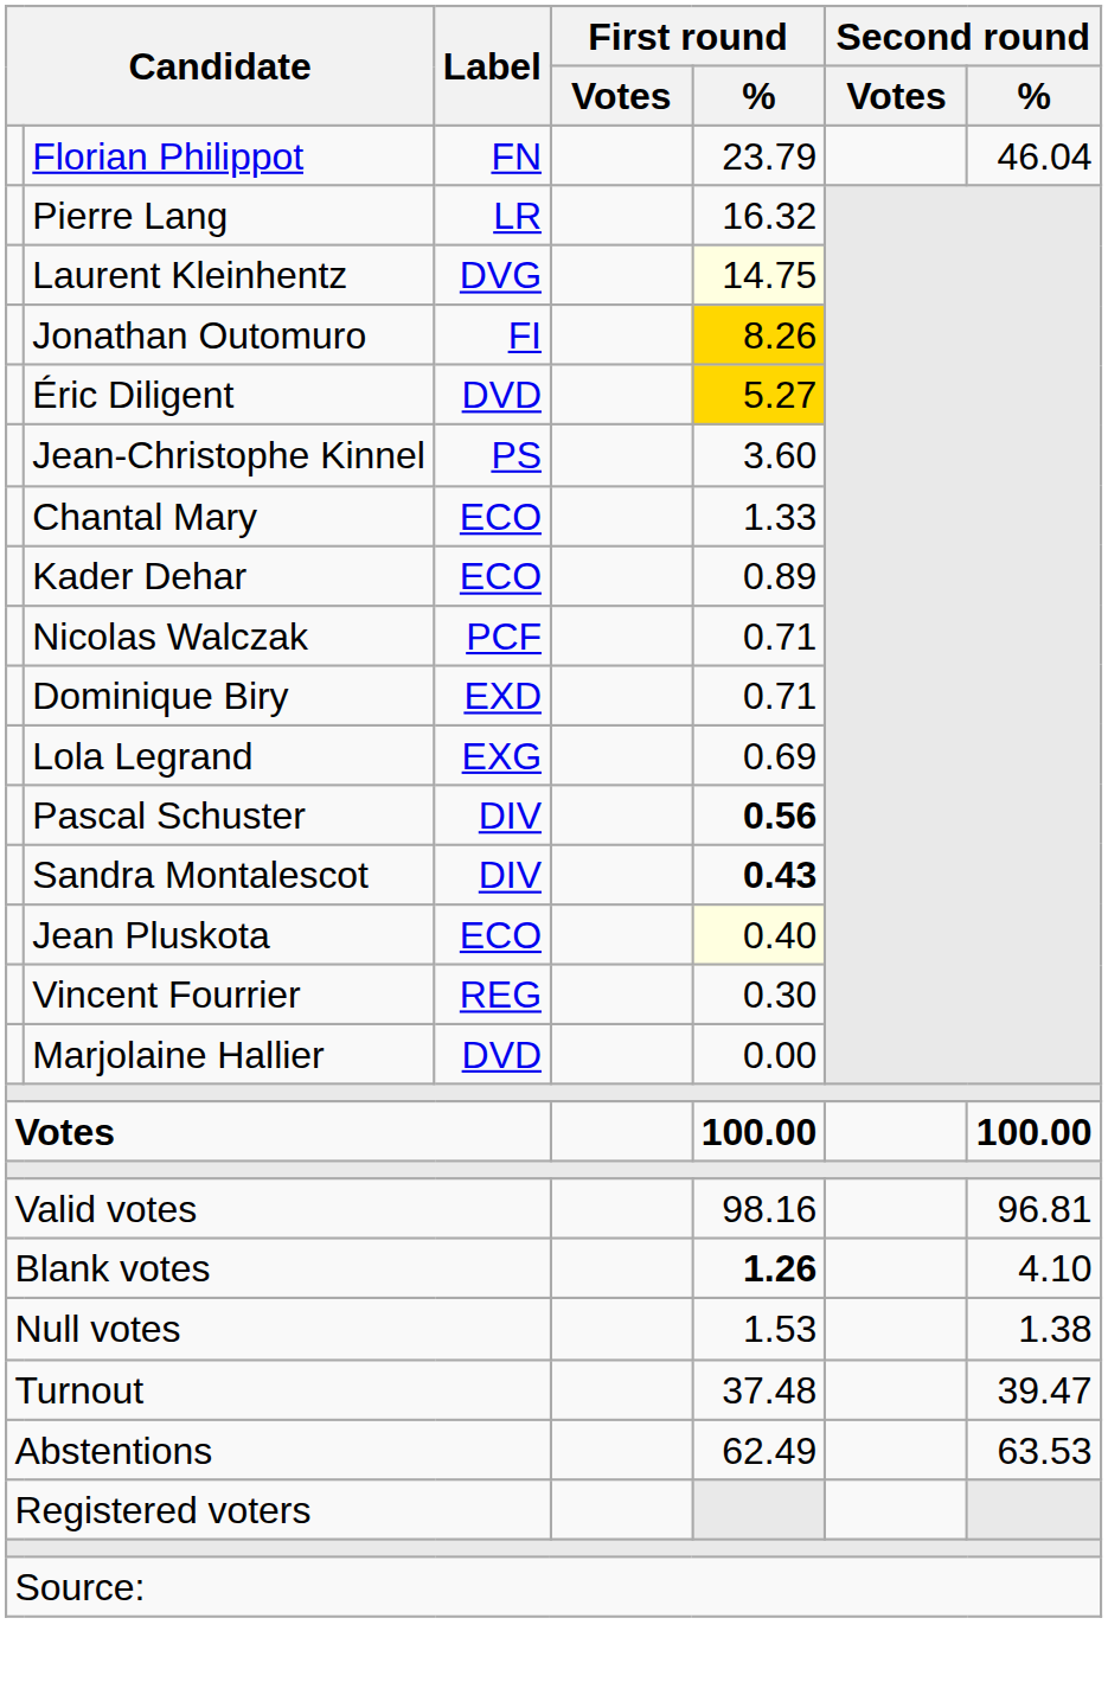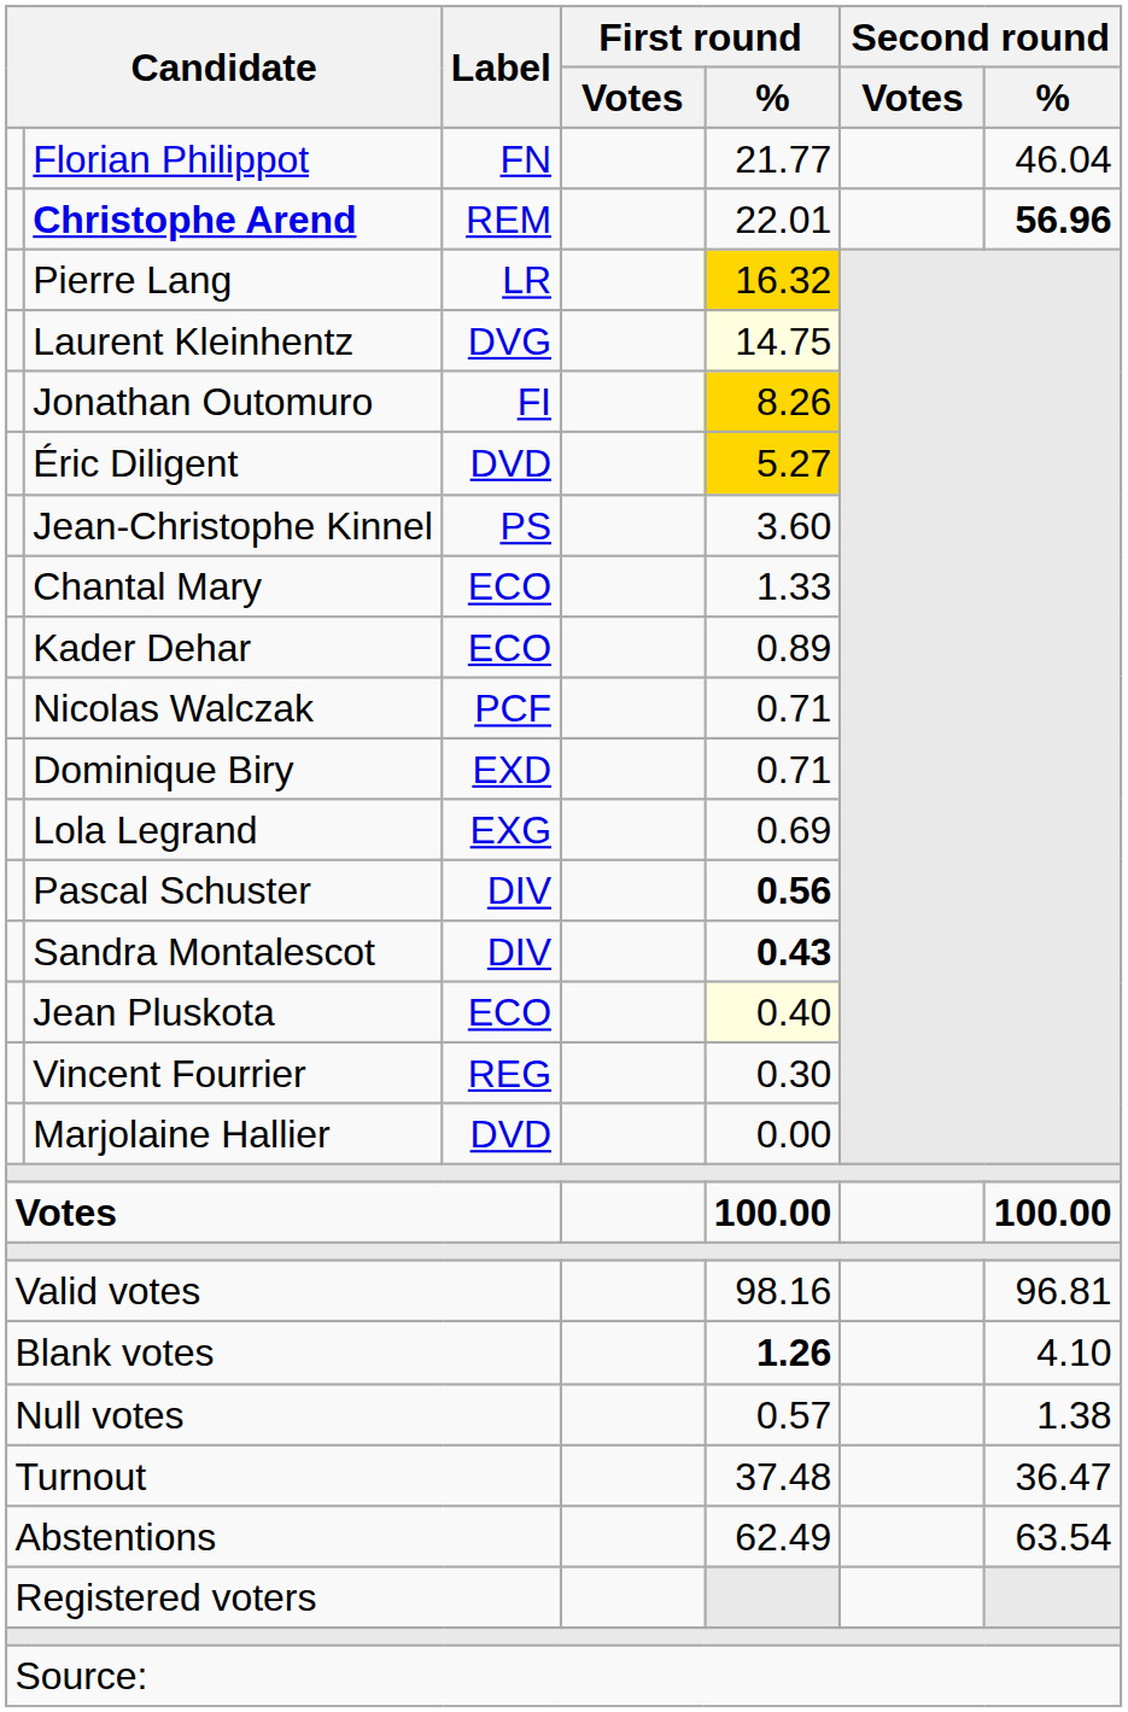 <table class="wikitable" style="text-align:right;font-size:95%;">
 <tr>
 <th rowspan="2" colspan="2">Candidate</th>
 <th rowspan="2">Label</th>
 <th colspan="2">First round</th>
 <th colspan="2">Second round</th>
 </tr>
 <tr>
 <th style="width:50px;">Votes</th>
 <th style="width:45px;">%</th>
 <th style="width:50px;">Votes</th>
 <th style="width:45px;">%</th>
 </tr>
 <tr>
 <td style="color:inherit;background:"></td>
 <td style="text-align:left;"><a href='#'>Florian Philippot</a></td>
 <td><a href='#'>FN</a></td>
 <td></td>
-<td>23.79</td>
+<td>21.77</td>
 <td></td>
 <td>46.04</td>
+</tr>
+<tr>
+<td style="color:inherit;background:"></td>
+<td style="text-align:left;"><strong><a href='#'>Christophe Arend</a></strong></td>
+<td><a href='#'>REM</a></td>
+<td></td>
+<td>22.01</td>
+<td><strong></strong></td>
+<td><strong>56.96</strong></td>
 </tr>
 <tr>
 <td style="color:inherit;background:"></td>
 <td style="text-align:left;">Pierre Lang</td>
 <td><a href='#'>LR</a></td>
 <td></td>
-<td>16.32</td>
+<td style="background: gold;">16.32</td>
 <td colspan="2" rowspan="15" style="background:#E9E9E9;"></td>
 </tr>
 <tr>
 <td style="color:inherit;background:"></td>
 <td style="text-align:left;">Laurent Kleinhentz</td>
 <td><a href='#'>DVG</a></td>
 <td></td>
 <td style="background: lightyellow;">14.75</td>
 </tr>
 <tr>
 <td style="color:inherit;background:"></td>
 <td style="text-align:left;">Jonathan Outomuro</td>
 <td><a href='#'>FI</a></td>
 <td></td>
 <td style="background: gold;">8.26</td>
 </tr>
 <tr>
 <td style="color:inherit;background:"></td>
 <td style="text-align:left;">Éric Diligent</td>
 <td><a href='#'>DVD</a></td>
 <td></td>
 <td style="background: gold;">5.27</td>
 </tr>
 <tr>
 <td style="color:inherit;background:"></td>
 <td style="text-align:left;">Jean-Christophe Kinnel</td>
 <td><a href='#'>PS</a></td>
 <td></td>
 <td>3.60</td>
 </tr>
 <tr>
 <td style="color:inherit;background:"></td>
 <td style="text-align:left;">Chantal Mary</td>
 <td><a href='#'>ECO</a></td>
 <td></td>
 <td>1.33</td>
 </tr>
 <tr>
 <td style="color:inherit;background:"></td>
 <td style="text-align:left;">Kader Dehar</td>
 <td><a href='#'>ECO</a></td>
 <td></td>
 <td>0.89</td>
 </tr>
 <tr>
 <td style="color:inherit;background:"></td>
 <td style="text-align:left;">Nicolas Walczak</td>
 <td><a href='#'>PCF</a></td>
 <td></td>
 <td>0.71</td>
 </tr>
 <tr>
 <td style="color:inherit;background:"></td>
 <td style="text-align:left;">Dominique Biry</td>
 <td><a href='#'>EXD</a></td>
 <td></td>
 <td>0.71</td>
 </tr>
 <tr>
 <td style="color:inherit;background:"></td>
 <td style="text-align:left;">Lola Legrand</td>
 <td><a href='#'>EXG</a></td>
 <td></td>
 <td>0.69</td>
 </tr>
 <tr>
 <td style="color:inherit;background:"></td>
 <td style="text-align:left;">Pascal Schuster</td>
 <td><a href='#'>DIV</a></td>
 <td></td>
 <td><strong>0.56</strong></td>
 </tr>
 <tr>
 <td style="color:inherit;background:"></td>
 <td style="text-align:left;">Sandra Montalescot</td>
 <td><a href='#'>DIV</a></td>
 <td></td>
 <td><strong>0.43</strong></td>
 </tr>
 <tr>
 <td style="color:inherit;background:"></td>
 <td style="text-align:left;">Jean Pluskota</td>
 <td><a href='#'>ECO</a></td>
 <td></td>
 <td style="background: lightyellow;">0.40</td>
 </tr>
 <tr>
 <td style="color:inherit;background:"></td>
 <td style="text-align:left;">Vincent Fourrier</td>
 <td><a href='#'>REG</a></td>
 <td></td>
 <td>0.30</td>
 </tr>
 <tr>
 <td style="color:inherit;background:"></td>
 <td style="text-align:left;">Marjolaine Hallier</td>
 <td><a href='#'>DVD</a></td>
 <td></td>
 <td>0.00</td>
 </tr>
 <tr>
 <td colspan="7" style="background:#E9E9E9;"></td>
 </tr>
 <tr style="font-weight:bold;">
 <td colspan="3" style="text-align:left;">Votes</td>
 <td></td>
 <td>100.00</td>
 <td></td>
 <td>100.00</td>
 </tr>
 <tr>
 <td colspan="7" style="background:#E9E9E9;"></td>
 </tr>
 <tr>
 <td colspan="3" style="text-align:left;">Valid votes</td>
 <td></td>
 <td>98.16</td>
 <td></td>
 <td>96.81</td>
 </tr>
 <tr>
 <td colspan="3" style="text-align:left;">Blank votes</td>
 <td></td>
 <td><strong>1.26</strong></td>
 <td></td>
 <td>4.10</td>
 </tr>
 <tr>
 <td colspan="3" style="text-align:left;">Null votes</td>
 <td></td>
-<td>1.53</td>
+<td>0.57</td>
 <td></td>
 <td>1.38</td>
 </tr>
 <tr>
 <td colspan="3" style="text-align:left;">Turnout</td>
 <td></td>
 <td>37.48</td>
 <td></td>
-<td>39.47</td>
+<td>36.47</td>
 </tr>
 <tr>
 <td colspan="3" style="text-align:left;">Abstentions</td>
 <td></td>
 <td>62.49</td>
 <td></td>
-<td>63.53</td>
+<td>63.54</td>
 </tr>
 <tr>
 <td colspan="3" style="text-align:left;">Registered voters</td>
 <td></td>
 <td style="background:#E9E9E9;"></td>
 <td></td>
 <td style="background:#E9E9E9;"></td>
 </tr>
 <tr>
 <td colspan="7" style="background:#E9E9E9;"></td>
 </tr>
 <tr>
 <td colspan="7" style="text-align:left;">Source: </td>
 </tr>
 </table>
